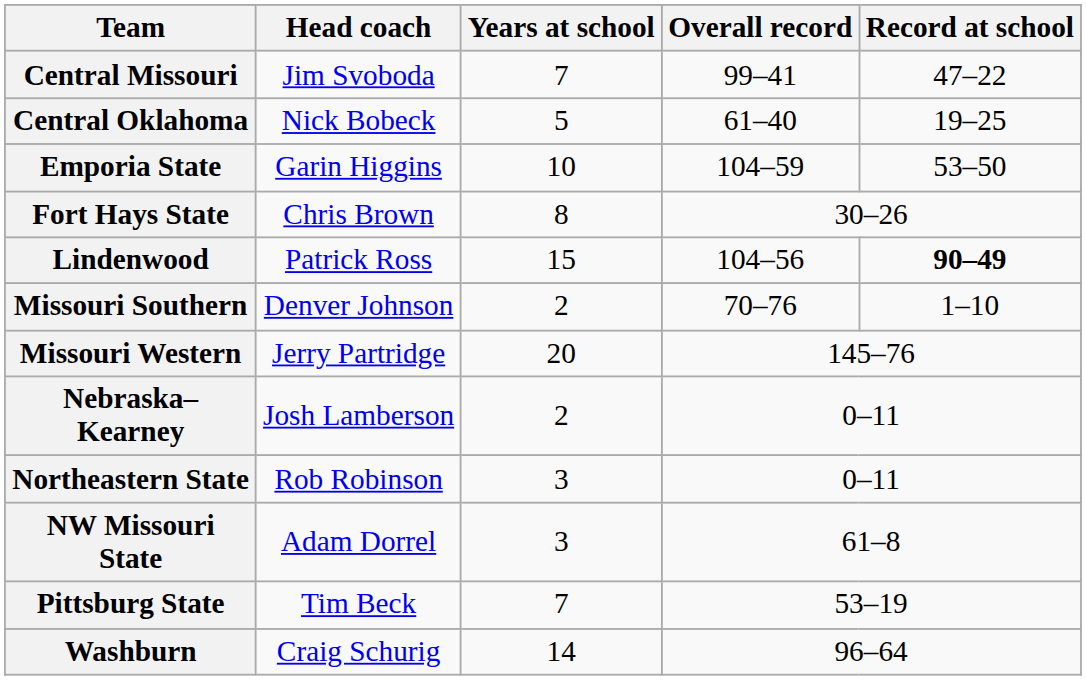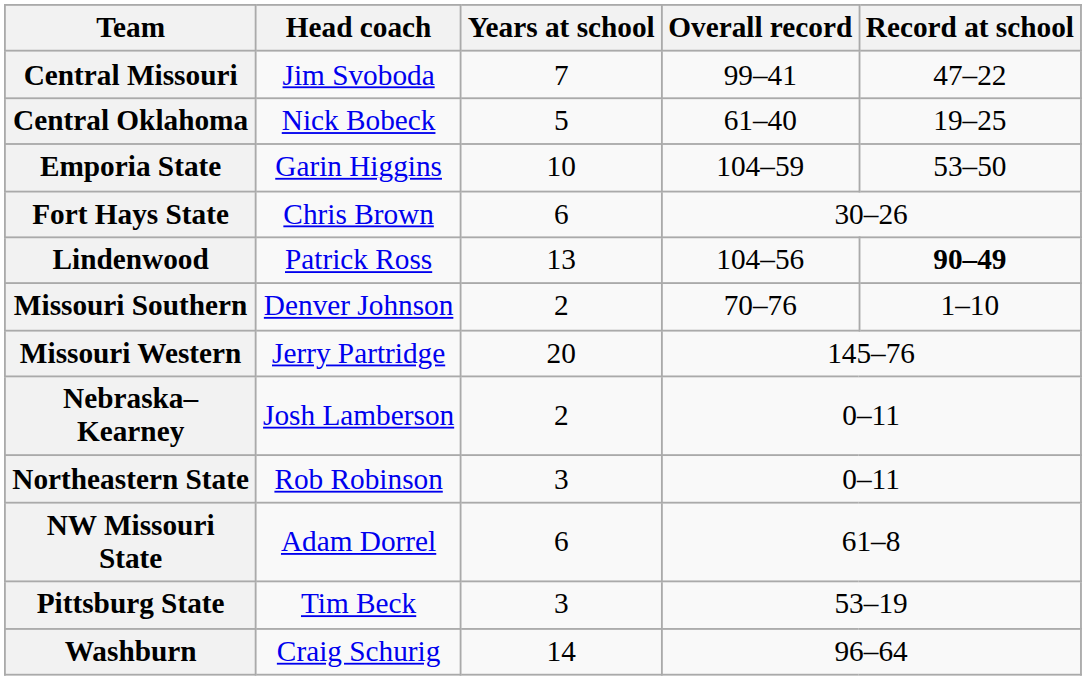 <table class="wikitable sortable" style="text-align: center;">
 <tr>
 <th style="width:130px;">Team</th>
 <th>Head coach</th>
 <th>Years at school</th>
 <th>Overall record</th>
 <th>Record at school</th>
 </tr>
 <tr>
 <th>Central Missouri</th>
 <td><a href='#'>Jim Svoboda</a></td>
 <td>7</td>
 <td>99–41</td>
 <td>47–22</td>
 </tr>
 <tr>
 <th>Central Oklahoma</th>
 <td><a href='#'>Nick Bobeck</a></td>
 <td>5</td>
 <td>61–40</td>
 <td>19–25</td>
 </tr>
 <tr>
 <th>Emporia State</th>
 <td><a href='#'>Garin Higgins</a></td>
 <td>10</td>
 <td>104–59</td>
 <td>53–50</td>
 </tr>
 <tr>
 <th>Fort Hays State</th>
 <td><a href='#'>Chris Brown</a></td>
-<td>8</td>
+<td>6</td>
 <td colspan=2>30–26</td>
 </tr>
 <tr>
 <th>Lindenwood</th>
 <td><a href='#'>Patrick Ross</a></td>
-<td>15</td>
+<td>13</td>
 <td>104–56</td>
 <td><strong>90–49</strong></td>
 </tr>
 <tr>
 <th>Missouri Southern</th>
 <td><a href='#'>Denver Johnson</a></td>
 <td>2</td>
 <td>70–76</td>
 <td>1–10</td>
 </tr>
 <tr>
 <th>Missouri Western</th>
 <td><a href='#'>Jerry Partridge</a></td>
 <td>20</td>
 <td colspan=2>145–76</td>
 </tr>
 <tr>
 <th>Nebraska–Kearney</th>
 <td><a href='#'>Josh Lamberson</a></td>
 <td>2</td>
 <td colspan=2>0–11</td>
 </tr>
 <tr>
 <th>Northeastern State</th>
 <td><a href='#'>Rob Robinson</a></td>
 <td>3</td>
 <td colspan=2>0–11</td>
 </tr>
 <tr>
 <th>NW Missouri State</th>
 <td><a href='#'>Adam Dorrel</a></td>
-<td>3</td>
+<td>6</td>
 <td colspan=2>61–8</td>
 </tr>
 <tr>
 <th>Pittsburg State</th>
 <td><a href='#'>Tim Beck</a></td>
-<td>7</td>
+<td>3</td>
 <td colspan=2>53–19</td>
 </tr>
 <tr>
 <th>Washburn</th>
 <td><a href='#'>Craig Schurig</a></td>
 <td>14</td>
 <td colspan=2>96–64</td>
 </tr>
 </table>
